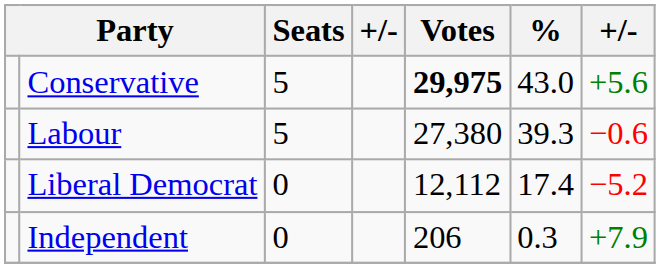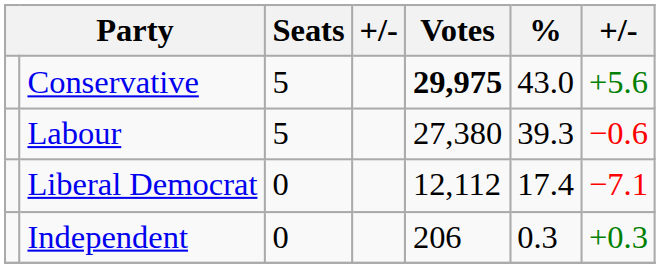 <table class="wikitable">
 <tr>
 <th colspan="2">Party</th>
 <th>Seats</th>
 <th>+/-</th>
 <th>Votes</th>
 <th>%</th>
 <th>+/-</th>
 </tr>
 <tr>
 <td style="background-color: "></td>
 <td><a href='#'>Conservative</a></td>
 <td>5</td>
 <td></td>
 <td><strong>29,975</strong></td>
 <td>43.0</td>
 <td style="color:green">+5.6</td>
 </tr>
 <tr>
 <td style="background-color: "></td>
 <td><a href='#'>Labour</a></td>
 <td>5</td>
 <td></td>
 <td>27,380</td>
 <td>39.3</td>
 <td style="color:red">−0.6</td>
 </tr>
 <tr>
 <td style="background-color: "></td>
 <td><a href='#'>Liberal Democrat</a></td>
 <td>0</td>
 <td></td>
 <td>12,112</td>
 <td>17.4</td>
-<td style="color:red">−5.2</td>
+<td style="color:red">−7.1</td>
 </tr>
 <tr>
 <td style="background-color: "></td>
 <td><a href='#'>Independent</a></td>
 <td>0</td>
 <td></td>
 <td>206</td>
 <td>0.3</td>
-<td style="color:green">+7.9</td>
+<td style="color:green">+0.3</td>
 </tr>
 <tr>
 </tr>
 </table>
